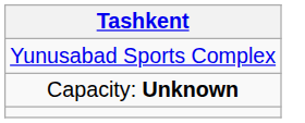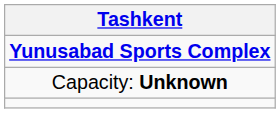 <table class="wikitable" style="text-align:center;">
 <tr>
 <th><a href='#'>Tashkent</a></th>
 </tr>
 <tr>
-<td><a href='#'>Yunusabad Sports Complex</a></td>
+<td><strong><a href='#'>Yunusabad Sports Complex</a></strong></td>
 </tr>
 <tr>
 <td>Capacity: <strong>Unknown</strong></td>
 </tr>
 <tr>
 <td></td>
 </tr>
 </table>
